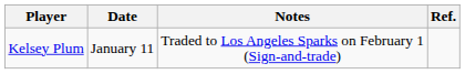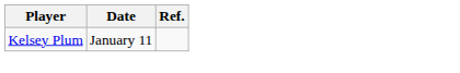 <table class="wikitable sortable sortable" style="text-align: center">
 <tr>
 <th>Player</th>
 <th>Date</th>
-<th>Notes</th>
 <th>Ref.</th>
 </tr>
 <tr>
 <td><a href='#'>Kelsey Plum</a></td>
 <td>January 11</td>
-<td>Traded to <a href='#'>Los Angeles Sparks</a> on February 1<br>(<a href='#'>Sign-and-trade</a>)</td>
 <td></td>
 </tr>
 </table>
